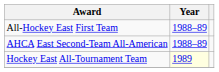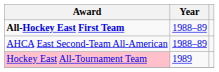 <table class="wikitable">
 <tr>
 <th>Award</th>
 <th>Year</th>
 <th></th>
 </tr>
 <tr>
-<td>All-<a href='#'>Hockey East</a> <a href='#'>First Team</a></td>
+<td><strong>All-<a href='#'>Hockey East</a> <a href='#'>First Team</a></strong></td>
 <td><a href='#'>1988–89</a></td>
 <td></td>
 </tr>
 <tr>
 <td><a href='#'>AHCA</a> <a href='#'>East Second-Team All-American</a></td>
 <td><a href='#'>1988–89</a></td>
 <td></td>
 </tr>
 <tr>
-<td><a href='#'>Hockey East</a> <a href='#'>All-Tournament Team</a></td>
-<td style="background: lightyellow;"><a href='#'>1989</a></td>
+<td style="background: pink;"><a href='#'>Hockey East</a> <a href='#'>All-Tournament Team</a></td>
+<td><a href='#'>1989</a></td>
 <td></td>
 </tr>
 <tr>
 </tr>
 </table>
